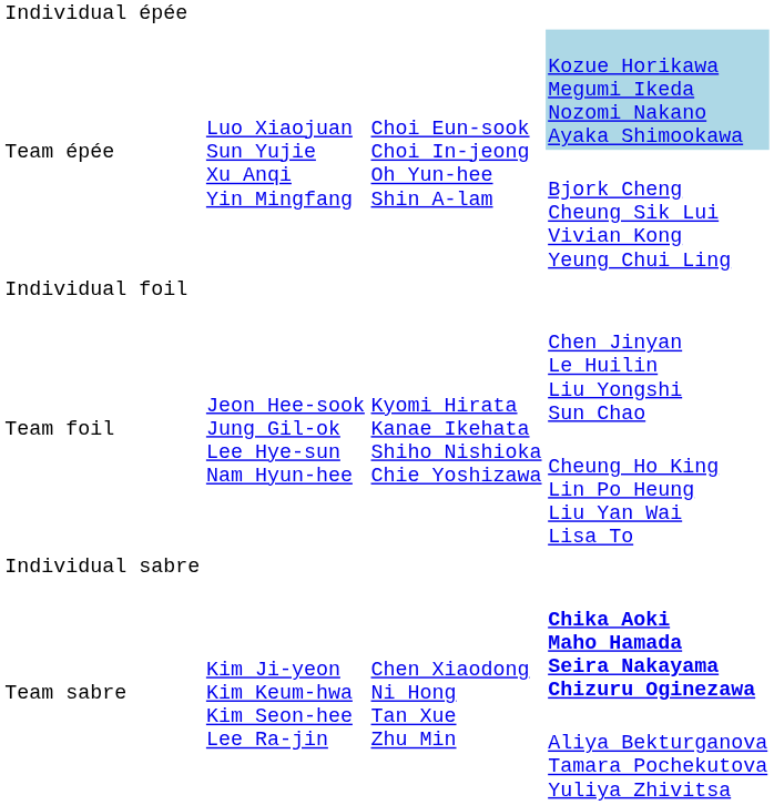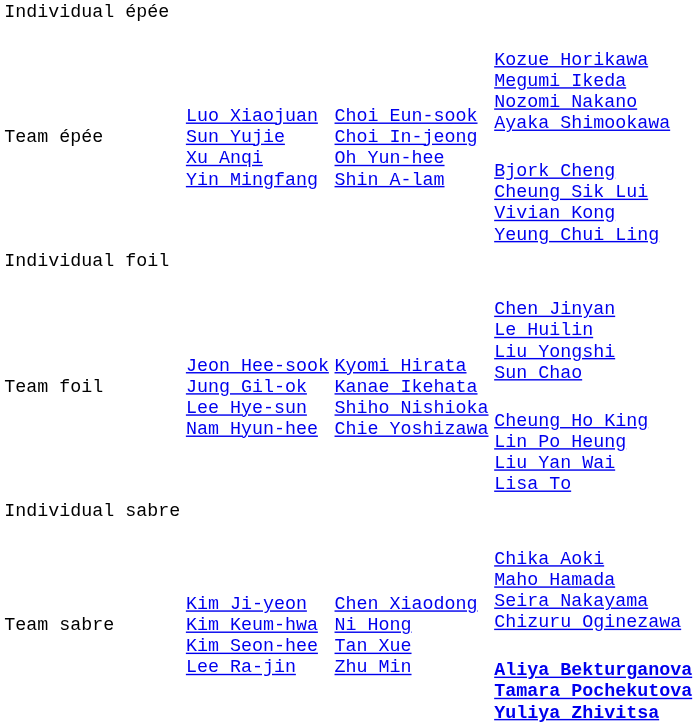 <table>
 <tr>
 <td rowspan=2>Individual épée</td>
 <td rowspan=2></td>
 <td rowspan=2></td>
 <td></td>
 </tr>
 <tr>
 <td></td>
 </tr>
 <tr>
 <td rowspan=2>Team épée</td>
 <td rowspan=2><br><a href='#'>Luo Xiaojuan</a><br><a href='#'>Sun Yujie</a><br><a href='#'>Xu Anqi</a><br><a href='#'>Yin Mingfang</a></td>
 <td rowspan=2><br><a href='#'>Choi Eun-sook</a><br><a href='#'>Choi In-jeong</a><br><a href='#'>Oh Yun-hee</a><br><a href='#'>Shin A-lam</a></td>
-<td style="background: lightblue;"><br><a href='#'>Kozue Horikawa</a><br><a href='#'>Megumi Ikeda</a><br><a href='#'>Nozomi Nakano</a><br><a href='#'>Ayaka Shimookawa</a></td>
+<td><br><a href='#'>Kozue Horikawa</a><br><a href='#'>Megumi Ikeda</a><br><a href='#'>Nozomi Nakano</a><br><a href='#'>Ayaka Shimookawa</a></td>
 </tr>
 <tr>
 <td><br><a href='#'>Bjork Cheng</a><br><a href='#'>Cheung Sik Lui</a><br><a href='#'>Vivian Kong</a><br><a href='#'>Yeung Chui Ling</a></td>
 </tr>
 <tr>
 <td rowspan=2>Individual foil</td>
 <td rowspan=2></td>
 <td rowspan=2></td>
 <td></td>
 </tr>
 <tr>
 <td></td>
 </tr>
 <tr>
 <td rowspan=2>Team foil</td>
 <td rowspan=2><br><a href='#'>Jeon Hee-sook</a><br><a href='#'>Jung Gil-ok</a><br><a href='#'>Lee Hye-sun</a><br><a href='#'>Nam Hyun-hee</a></td>
 <td rowspan=2><br><a href='#'>Kyomi Hirata</a><br><a href='#'>Kanae Ikehata</a><br><a href='#'>Shiho Nishioka</a><br><a href='#'>Chie Yoshizawa</a></td>
 <td><br><a href='#'>Chen Jinyan</a><br><a href='#'>Le Huilin</a><br><a href='#'>Liu Yongshi</a><br><a href='#'>Sun Chao</a></td>
 </tr>
 <tr>
 <td><br><a href='#'>Cheung Ho King</a><br><a href='#'>Lin Po Heung</a><br><a href='#'>Liu Yan Wai</a><br><a href='#'>Lisa To</a></td>
 </tr>
 <tr>
 <td rowspan=2>Individual sabre</td>
 <td rowspan=2></td>
 <td rowspan=2></td>
 <td></td>
 </tr>
 <tr>
 <td></td>
 </tr>
 <tr>
 <td rowspan=2>Team sabre</td>
 <td rowspan=2><br><a href='#'>Kim Ji-yeon</a><br><a href='#'>Kim Keum-hwa</a><br><a href='#'>Kim Seon-hee</a><br><a href='#'>Lee Ra-jin</a></td>
 <td rowspan=2><br><a href='#'>Chen Xiaodong</a><br><a href='#'>Ni Hong</a><br><a href='#'>Tan Xue</a><br><a href='#'>Zhu Min</a></td>
-<td><strong><br><a href='#'>Chika Aoki</a><br><a href='#'>Maho Hamada</a><br><a href='#'>Seira Nakayama</a><br><a href='#'>Chizuru Oginezawa</a></strong></td>
+<td><br><a href='#'>Chika Aoki</a><br><a href='#'>Maho Hamada</a><br><a href='#'>Seira Nakayama</a><br><a href='#'>Chizuru Oginezawa</a></td>
 </tr>
 <tr>
-<td><br><a href='#'>Aliya Bekturganova</a><br><a href='#'>Tamara Pochekutova</a><br><a href='#'>Yuliya Zhivitsa</a></td>
+<td><strong><br><a href='#'>Aliya Bekturganova</a><br><a href='#'>Tamara Pochekutova</a><br><a href='#'>Yuliya Zhivitsa</a></strong></td>
 </tr>
 </table>
